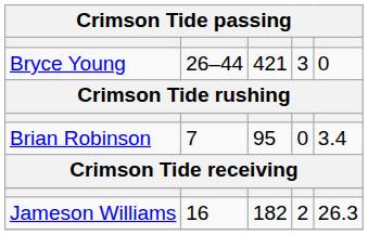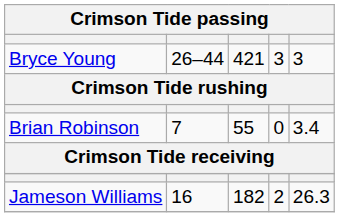 <table class="wikitable plainrowheaders">
 <tr>
 <th colspan="6">Crimson Tide passing</th>
 </tr>
 <tr>
 <th scope="col"></th>
 <th scope="col"></th>
 <th scope="col"></th>
 <th scope="col"></th>
 <th scope="col"></th>
 </tr>
 <tr>
 <td><a href='#'>Bryce Young</a></td>
 <td>26–44</td>
 <td>421</td>
 <td>3</td>
-<td>0</td>
+<td>3</td>
 </tr>
 <tr>
 <th colspan="6">Crimson Tide rushing</th>
 </tr>
 <tr>
 <th scope="col"></th>
 <th scope="col"></th>
 <th scope="col"></th>
 <th scope="col"></th>
 <th scope="col"></th>
 </tr>
 <tr>
 <td><a href='#'>Brian Robinson</a></td>
 <td>7</td>
-<td>95</td>
+<td>55</td>
 <td>0</td>
 <td>3.4</td>
 </tr>
 <tr>
 <th colspan="6">Crimson Tide receiving</th>
 </tr>
 <tr>
 </tr>
 <tr>
 <th scope="col"></th>
 <th scope="col"></th>
 <th scope="col"></th>
 <th scope="col"></th>
 <th scope="col"></th>
 </tr>
 <tr>
 <td><a href='#'>Jameson Williams</a></td>
 <td>16</td>
 <td>182</td>
 <td>2</td>
 <td>26.3</td>
 </tr>
 <tr>
 </tr>
 </table>
